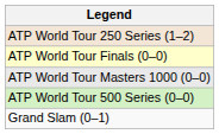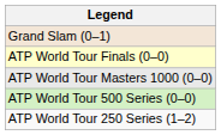 <table class=wikitable style=font-size:97%>
 <tr>
 <th>Legend</th>
 </tr>
 <tr bgcolor=#f3e6d7>
-<td>ATP World Tour 250 Series (1–2)</td>
+<td>Grand Slam (0–1)</td>
 </tr>
 <tr bgcolor=ffffcc>
 <td>ATP World Tour Finals (0–0)</td>
 </tr>
 <tr bgcolor=#e9e9e9>
 <td>ATP World Tour Masters 1000 (0–0)</td>
 </tr>
 <tr bgcolor=#d4f1c5>
 <td>ATP World Tour 500 Series (0–0)</td>
 </tr>
 <tr>
-<td>Grand Slam (0–1)</td>
+<td>ATP World Tour 250 Series (1–2)</td>
 </tr>
 </table>
